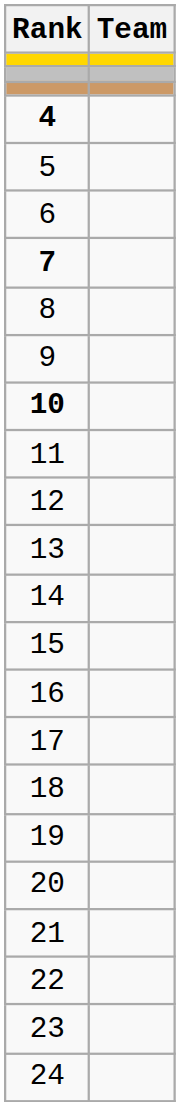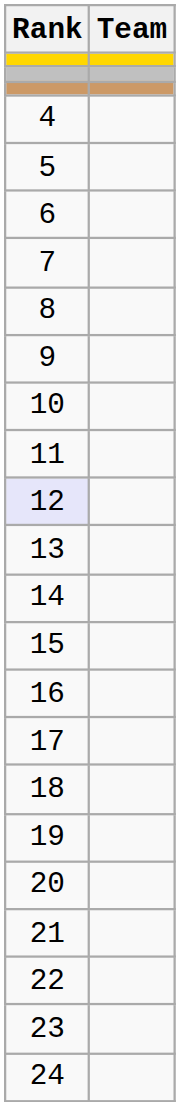 <table class=wikitable style="text-align:center;">
 <tr>
 <th>Rank</th>
 <th>Team</th>
 </tr>
 <tr style="background:gold">
 <td></td>
 <td align=left></td>
 </tr>
 <tr style="background:silver">
 <td></td>
 <td align=left></td>
 </tr>
 <tr style="background:#c96">
 <td></td>
 <td align=left></td>
 </tr>
 <tr>
-<td><strong>4</strong></td>
+<td>4</td>
 <td align=left></td>
 </tr>
 <tr>
 <td>5</td>
 <td align=left></td>
 </tr>
 <tr>
 <td>6</td>
 <td align=left></td>
 </tr>
 <tr>
-<td><strong>7</strong></td>
+<td>7</td>
 <td align=left></td>
 </tr>
 <tr>
 <td>8</td>
 <td align=left></td>
 </tr>
 <tr>
 <td>9</td>
 <td align=left></td>
 </tr>
 <tr>
-<td><strong>10</strong></td>
+<td>10</td>
 <td align=left></td>
 </tr>
 <tr>
 <td>11</td>
 <td align=left></td>
 </tr>
 <tr>
-<td>12</td>
+<td style="background: lavender;">12</td>
 <td align=left></td>
 </tr>
 <tr>
 <td>13</td>
 <td align=left></td>
 </tr>
 <tr>
 <td>14</td>
 <td align=left></td>
 </tr>
 <tr>
 <td>15</td>
 <td align=left></td>
 </tr>
 <tr>
 <td>16</td>
 <td align=left></td>
 </tr>
 <tr>
 <td>17</td>
 <td align=left></td>
 </tr>
 <tr>
 <td>18</td>
 <td align=left></td>
 </tr>
 <tr>
 <td>19</td>
 <td align=left></td>
 </tr>
 <tr>
 <td>20</td>
 <td align=left></td>
 </tr>
 <tr>
 <td>21</td>
 <td align=left></td>
 </tr>
 <tr>
 <td>22</td>
 <td align=left></td>
 </tr>
 <tr>
 <td>23</td>
 <td align=left></td>
 </tr>
 <tr>
 <td>24</td>
 <td align=left></td>
 </tr>
 </table>
